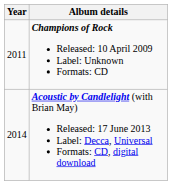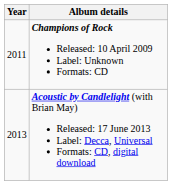 <table class="wikitable">
 <tr>
 <th width="33">Year</th>
 <th width="215">Album details</th>
 </tr>
 <tr>
 <td align="center">2011</td>
 <td><strong><em>Champions of Rock</em></strong><br><ul><li>Released: 10 April 2009</li><li>Label: Unknown</li><li>Formats: CD</li></ul></td>
 </tr>
 <tr>
-<td align="center">2014</td>
+<td align="center">2013</td>
 <td><strong><em><a href='#'>Acoustic by Candlelight</a></em></strong> (with Brian May)<br><ul><li>Released: 17 June 2013</li><li>Label: <a href='#'>Decca</a>, <a href='#'>Universal</a></li><li>Formats: <a href='#'>CD</a>, <a href='#'>digital download</a></li></ul></td>
 </tr>
 </table>
